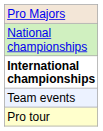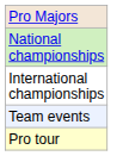 <table class="wikitable"  style="font-size:95%; width:14%;">
 <tr style="background:#F3E6D7;">
 <td><a href='#'>Pro Majors</a></td>
 </tr>
 <tr style="background:#d0f0c0;">
 <td><a href='#'>National championships</a></td>
 </tr>
 <tr style="background:#fff;">
-<td><strong>International championships</strong></td>
+<td>International championships</td>
 </tr>
 <tr style="background:#ECF2FF;">
 <td>Team events</td>
 </tr>
 <tr style="background:#ffc;">
 <td>Pro tour</td>
 </tr>
 </table>
